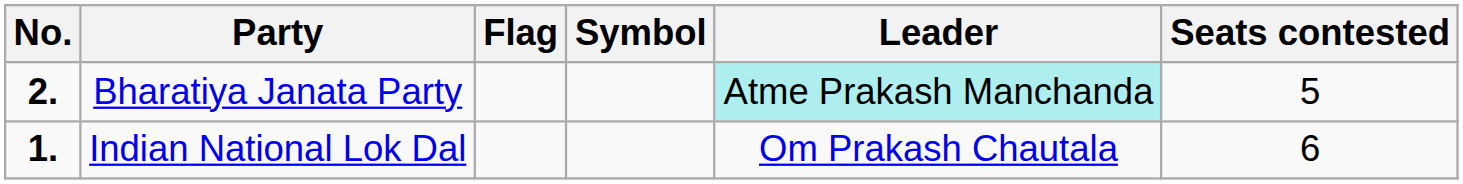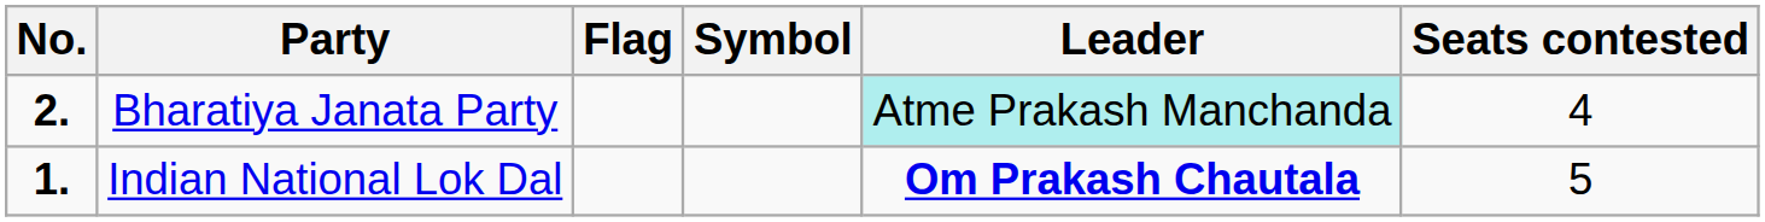 <table class="wikitable">
 <tr>
 <th>No.</th>
 <th>Party</th>
 <th>Flag</th>
 <th>Symbol</th>
 <th>Leader</th>
 <th>Seats contested</th>
 </tr>
 <tr>
 <td ! style="text-align:center; background:"><strong>2.</strong></td>
 <td style="text-align:center"><a href='#'>Bharatiya Janata Party</a></td>
 <td></td>
 <td></td>
 <td style="background: paleturquoise; text-align:center">Atme Prakash Manchanda</td>
-<td style="text-align:center">5</td>
+<td style="text-align:center">4</td>
 </tr>
 <tr>
 <td ! style="text-align:center; background:"><strong>1.</strong></td>
 <td style="text-align:center"><a href='#'>Indian National Lok Dal</a></td>
 <td></td>
 <td></td>
-<td style="text-align:center"><a href='#'>Om Prakash Chautala</a></td>
-<td style="text-align:center">6</td>
+<td style="text-align:center"><strong><a href='#'>Om Prakash Chautala</a></strong></td>
+<td style="text-align:center">5</td>
 </tr>
 </table>
